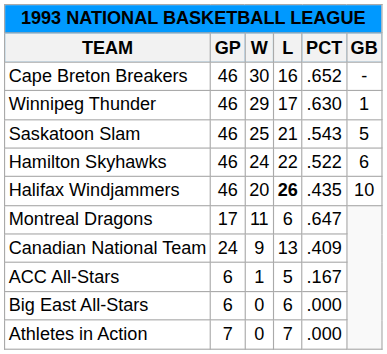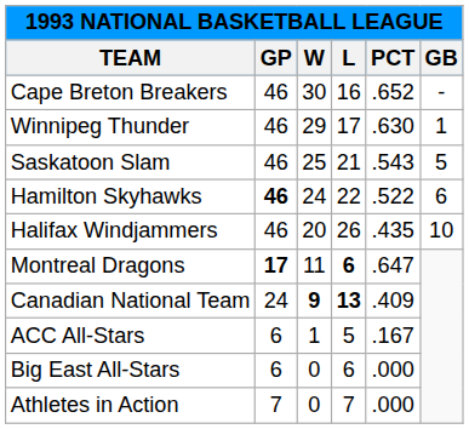 <table class="wikitable">
 <tr bgcolor="#0099FF">
 <td colspan="12" align="center"><strong>1993 NATIONAL BASKETBALL LEAGUE</strong></td>
 </tr>
 <tr bgcolor="0099FF">
 <th>TEAM</th>
 <th>GP</th>
 <th>W</th>
 <th>L</th>
 <th>PCT</th>
 <th>GB</th>
 </tr>
 <tr align="center" bgcolor="#ffffff">
 <td align="left">Cape Breton Breakers</td>
 <td>46</td>
 <td>30</td>
 <td>16</td>
 <td>.652</td>
 <td>-</td>
 </tr>
 <tr align="center" bgcolor="#ffffff">
 <td align="left">Winnipeg Thunder</td>
 <td>46</td>
 <td>29</td>
 <td>17</td>
 <td>.630</td>
 <td>1</td>
 </tr>
 <tr align="center" bgcolor="#ffffff">
 <td align="left">Saskatoon Slam</td>
 <td>46</td>
 <td>25</td>
 <td>21</td>
 <td>.543</td>
 <td>5</td>
 </tr>
 <tr align="center" bgcolor="#ffffff">
 <td align="left">Hamilton Skyhawks</td>
-<td>46</td>
+<td><strong>46</strong></td>
 <td>24</td>
 <td>22</td>
 <td>.522</td>
 <td>6</td>
 </tr>
 <tr align="center" bgcolor="#ffffff">
 <td align="left">Halifax Windjammers</td>
 <td>46</td>
 <td>20</td>
-<td><strong>26</strong></td>
+<td>26</td>
 <td>.435</td>
 <td>10</td>
 </tr>
 <tr align="center" bgcolor="#ffffff">
 <td align="left">Montreal Dragons</td>
-<td>17</td>
+<td><strong>17</strong></td>
 <td>11</td>
-<td>6</td>
+<td><strong>6</strong></td>
 <td>.647</td>
 </tr>
 <tr align="center" bgcolor="#ffffff">
 <td align="left">Canadian National Team</td>
 <td>24</td>
-<td>9</td>
-<td>13</td>
+<td><strong>9</strong></td>
+<td><strong>13</strong></td>
 <td>.409</td>
 </tr>
 <tr align="center" bgcolor="#ffffff">
 <td align="left">ACC All-Stars</td>
 <td>6</td>
 <td>1</td>
 <td>5</td>
 <td>.167</td>
 </tr>
 <tr align="center" bgcolor="#ffffff">
 <td align="left">Big East All-Stars</td>
 <td>6</td>
 <td>0</td>
 <td>6</td>
 <td>.000</td>
 </tr>
 <tr align="center" bgcolor="#ffffff">
 <td align="left">Athletes in Action</td>
 <td>7</td>
 <td>0</td>
 <td>7</td>
 <td>.000</td>
 </tr>
 </table>
